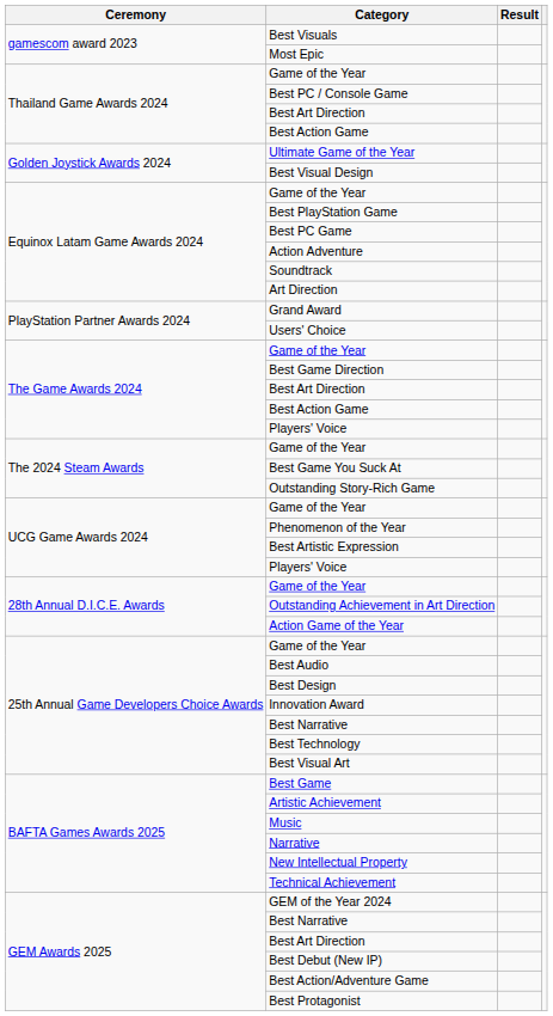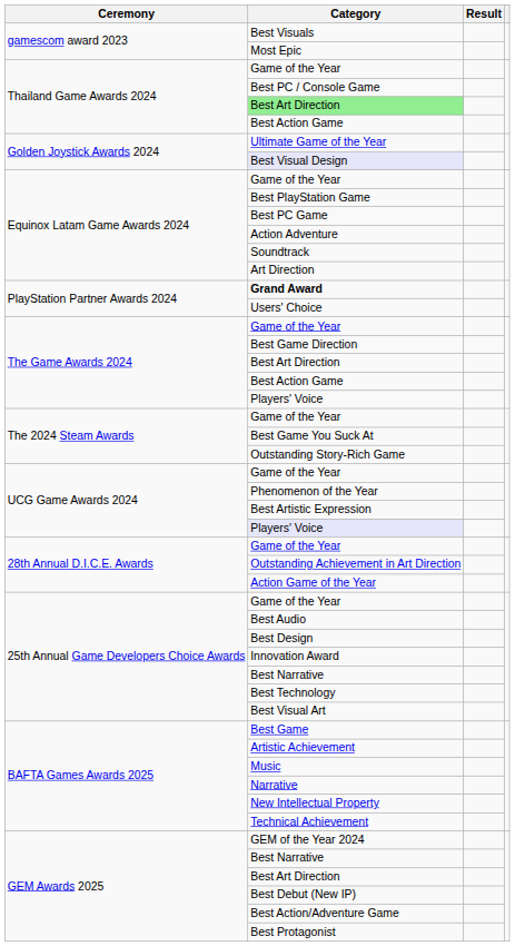 <table class="wikitable plainrowheaders sortable" width="auto">
 <tr>
 <th scope="col">Ceremony</th>
 <th scope="col">Category</th>
 <th>Result</th>
 <th class="unsortable" scope="col"></th>
 </tr>
 <tr>
 <td rowspan="2"><a href='#'>gamescom</a> award 2023</td>
 <td>Best Visuals</td>
 <td></td>
 <td rowspan="2"></td>
 </tr>
 <tr>
 <td>Most Epic</td>
 <td></td>
 </tr>
 <tr>
 <td rowspan="4">Thailand Game Awards 2024</td>
 <td>Game of the Year</td>
 <td></td>
 <td rowspan="4"></td>
 </tr>
 <tr>
 <td>Best PC / Console Game</td>
 <td></td>
 </tr>
 <tr>
-<td>Best Art Direction</td>
+<td style="background: lightgreen;">Best Art Direction</td>
 <td></td>
 </tr>
 <tr>
 <td>Best Action Game</td>
 <td></td>
 </tr>
 <tr>
 <td rowspan="2"><a href='#'>Golden Joystick Awards</a> 2024</td>
 <td><a href='#'>Ultimate Game of the Year</a></td>
 <td></td>
 <td rowspan="2"></td>
 </tr>
 <tr>
-<td>Best Visual Design</td>
+<td style="background: lavender;">Best Visual Design</td>
 <td></td>
 </tr>
 <tr>
 <td rowspan="6">Equinox Latam Game Awards 2024</td>
 <td>Game of the Year</td>
 <td></td>
 <td rowspan="6"></td>
 </tr>
 <tr>
 <td>Best PlayStation Game</td>
 <td></td>
 </tr>
 <tr>
 <td>Best PC Game</td>
 <td></td>
 </tr>
 <tr>
 <td>Action Adventure</td>
 <td></td>
 </tr>
 <tr>
 <td>Soundtrack</td>
 <td></td>
 </tr>
 <tr>
 <td>Art Direction</td>
 <td></td>
 </tr>
 <tr>
 <td rowspan="2">PlayStation Partner Awards 2024</td>
-<td>Grand Award</td>
+<td><strong>Grand Award</strong></td>
 <td></td>
 <td rowspan="2"></td>
 </tr>
 <tr>
 <td>Users' Choice</td>
 <td></td>
 </tr>
 <tr>
 <td rowspan="5"><a href='#'>The Game Awards 2024</a></td>
 <td><a href='#'>Game of the Year</a></td>
 <td></td>
 <td rowspan="5"></td>
 </tr>
 <tr>
 <td>Best Game Direction</td>
 <td></td>
 </tr>
 <tr>
 <td>Best Art Direction</td>
 <td></td>
 </tr>
 <tr>
 <td>Best Action Game</td>
 <td></td>
 </tr>
 <tr>
 <td>Players' Voice</td>
 <td></td>
 </tr>
 <tr>
 <td rowspan="3">The 2024 <a href='#'>Steam Awards</a></td>
 <td>Game of the Year</td>
 <td></td>
 <td rowspan="3"></td>
 </tr>
 <tr>
 <td>Best Game You Suck At</td>
 <td></td>
 </tr>
 <tr>
 <td>Outstanding Story-Rich Game</td>
 <td></td>
 </tr>
 <tr>
 <td rowspan="4">UCG Game Awards 2024</td>
 <td>Game of the Year</td>
 <td></td>
 <td rowspan="4"></td>
 </tr>
 <tr>
 <td>Phenomenon of the Year</td>
 <td></td>
 </tr>
 <tr>
 <td>Best Artistic Expression</td>
 <td></td>
 </tr>
 <tr>
-<td>Players' Voice</td>
+<td style="background: lavender;">Players' Voice</td>
 <td></td>
 </tr>
 <tr>
 <td rowspan="3"><a href='#'>28th Annual D.I.C.E. Awards</a></td>
 <td><a href='#'>Game of the Year</a></td>
 <td></td>
 <td rowspan="3"></td>
 </tr>
 <tr>
 <td><a href='#'>Outstanding Achievement in Art Direction</a></td>
 <td></td>
 </tr>
 <tr>
 <td><a href='#'>Action Game of the Year</a></td>
 <td></td>
 </tr>
 <tr>
 <td rowspan="7">25th Annual <a href='#'>Game Developers Choice Awards</a></td>
 <td>Game of the Year</td>
 <td></td>
 <td rowspan="7"></td>
 </tr>
 <tr>
 <td>Best Audio</td>
 <td></td>
 </tr>
 <tr>
 <td>Best Design</td>
 <td></td>
 </tr>
 <tr>
 <td>Innovation Award</td>
 <td></td>
 </tr>
 <tr>
 <td>Best Narrative</td>
 <td></td>
 </tr>
 <tr>
 <td>Best Technology</td>
 <td></td>
 </tr>
 <tr>
 <td>Best Visual Art</td>
 <td></td>
 </tr>
 <tr>
 <td rowspan="6"><a href='#'>BAFTA Games Awards 2025</a></td>
 <td><a href='#'>Best Game</a></td>
 <td></td>
 <td rowspan="6"></td>
 </tr>
 <tr>
 <td><a href='#'>Artistic Achievement</a></td>
 <td></td>
 </tr>
 <tr>
 <td><a href='#'>Music</a></td>
 <td></td>
 </tr>
 <tr>
 <td><a href='#'>Narrative</a></td>
 <td></td>
 </tr>
 <tr>
 <td><a href='#'>New Intellectual Property</a></td>
 <td></td>
 </tr>
 <tr>
 <td><a href='#'>Technical Achievement</a></td>
 <td></td>
 </tr>
 <tr>
 <td rowspan="6"><a href='#'>GEM Awards</a> 2025</td>
 <td>GEM of the Year 2024</td>
 <td></td>
 <td align="center" rowspan="6"></td>
 </tr>
 <tr>
 <td>Best Narrative</td>
 <td></td>
 </tr>
 <tr>
 <td>Best Art Direction</td>
 <td></td>
 </tr>
 <tr>
 <td>Best Debut (New IP)</td>
 <td></td>
 </tr>
 <tr>
 <td>Best Action/Adventure Game</td>
 <td></td>
 </tr>
 <tr>
 <td>Best Protagonist</td>
 <td></td>
 </tr>
 </table>
